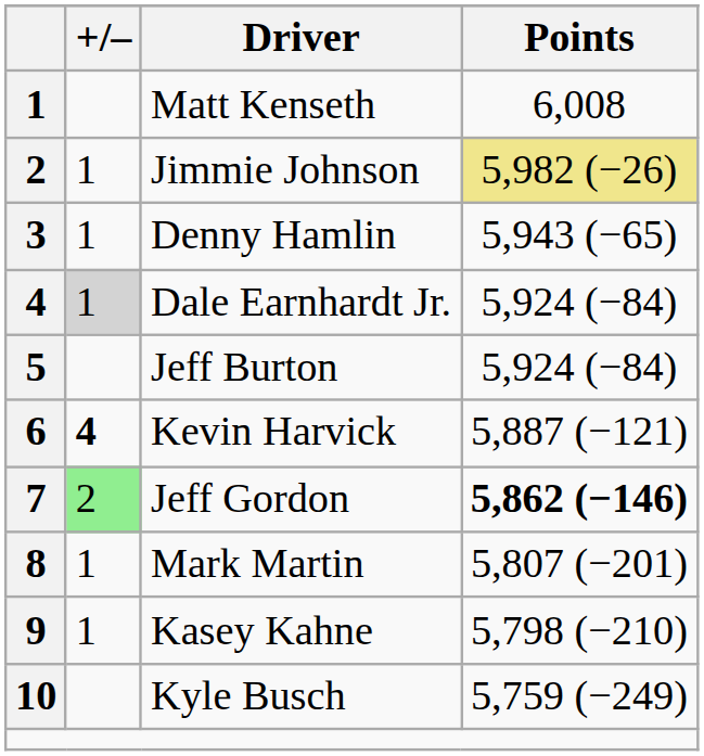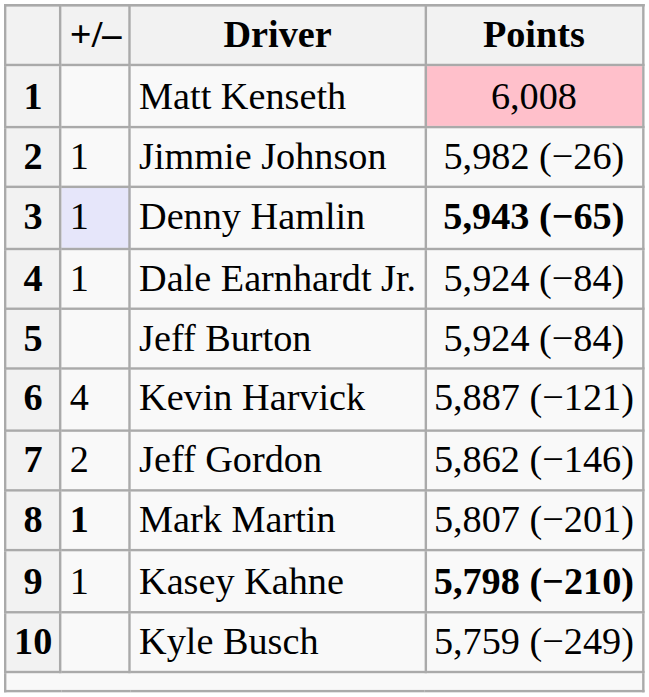 <table class="wikitable">
 <tr>
 </tr>
 <tr>
 <th scope="col"></th>
 <th scope="col">+/–</th>
 <th scope="col">Driver</th>
 <th scope="col">Points</th>
 </tr>
 <tr>
 <th scope="row">1</th>
 <td align="left"></td>
 <td>Matt Kenseth</td>
-<td style="text-align:center;">6,008</td>
+<td style="background: pink; text-align:center;">6,008</td>
 </tr>
 <tr>
 <th scope="row">2</th>
 <td align="left"> 1</td>
 <td>Jimmie Johnson</td>
-<td style="background: khaki; text-align:center;">5,982 (−26)</td>
+<td style="text-align:center;">5,982 (−26)</td>
 </tr>
 <tr>
 <th scope="row">3</th>
-<td align="left"> 1</td>
+<td align="left" style="background: lavender;"> 1</td>
 <td>Denny Hamlin</td>
-<td style="text-align:center;">5,943 (−65)</td>
+<td style="text-align:center;"><strong>5,943 (−65)</strong></td>
 </tr>
 <tr>
 <th scope="row">4</th>
-<td align="left" style="background: lightgrey;"> 1</td>
+<td align="left"> 1</td>
 <td>Dale Earnhardt Jr.</td>
 <td style="text-align:center;">5,924 (−84)</td>
 </tr>
 <tr>
 <th scope="row">5</th>
 <td align="left"></td>
 <td>Jeff Burton</td>
 <td style="text-align:center;">5,924 (−84)</td>
 </tr>
 <tr>
 <th scope="row">6</th>
-<td align="left"><strong> 4</strong></td>
+<td align="left"> 4</td>
 <td>Kevin Harvick</td>
 <td style="text-align:center;">5,887 (−121)</td>
 </tr>
 <tr>
 <th scope="row">7</th>
-<td align="left" style="background: lightgreen;"> 2</td>
+<td align="left"> 2</td>
 <td>Jeff Gordon</td>
-<td style="text-align:center;"><strong>5,862 (−146)</strong></td>
+<td style="text-align:center;">5,862 (−146)</td>
 </tr>
 <tr>
 <th scope="row">8</th>
-<td align="left"> 1</td>
+<td align="left"><strong> 1</strong></td>
 <td>Mark Martin</td>
 <td style="text-align:center;">5,807 (−201)</td>
 </tr>
 <tr>
 <th scope="row">9</th>
 <td align="left"> 1</td>
 <td>Kasey Kahne</td>
-<td style="text-align:center;">5,798 (−210)</td>
+<td style="text-align:center;"><strong>5,798 (−210)</strong></td>
 </tr>
 <tr>
 <th scope="row">10</th>
 <td align="left"></td>
 <td>Kyle Busch</td>
 <td style="text-align:center;">5,759 (−249)</td>
 </tr>
 <tr class="sortbottom">
 <td colspan="9"></td>
 </tr>
 </table>
